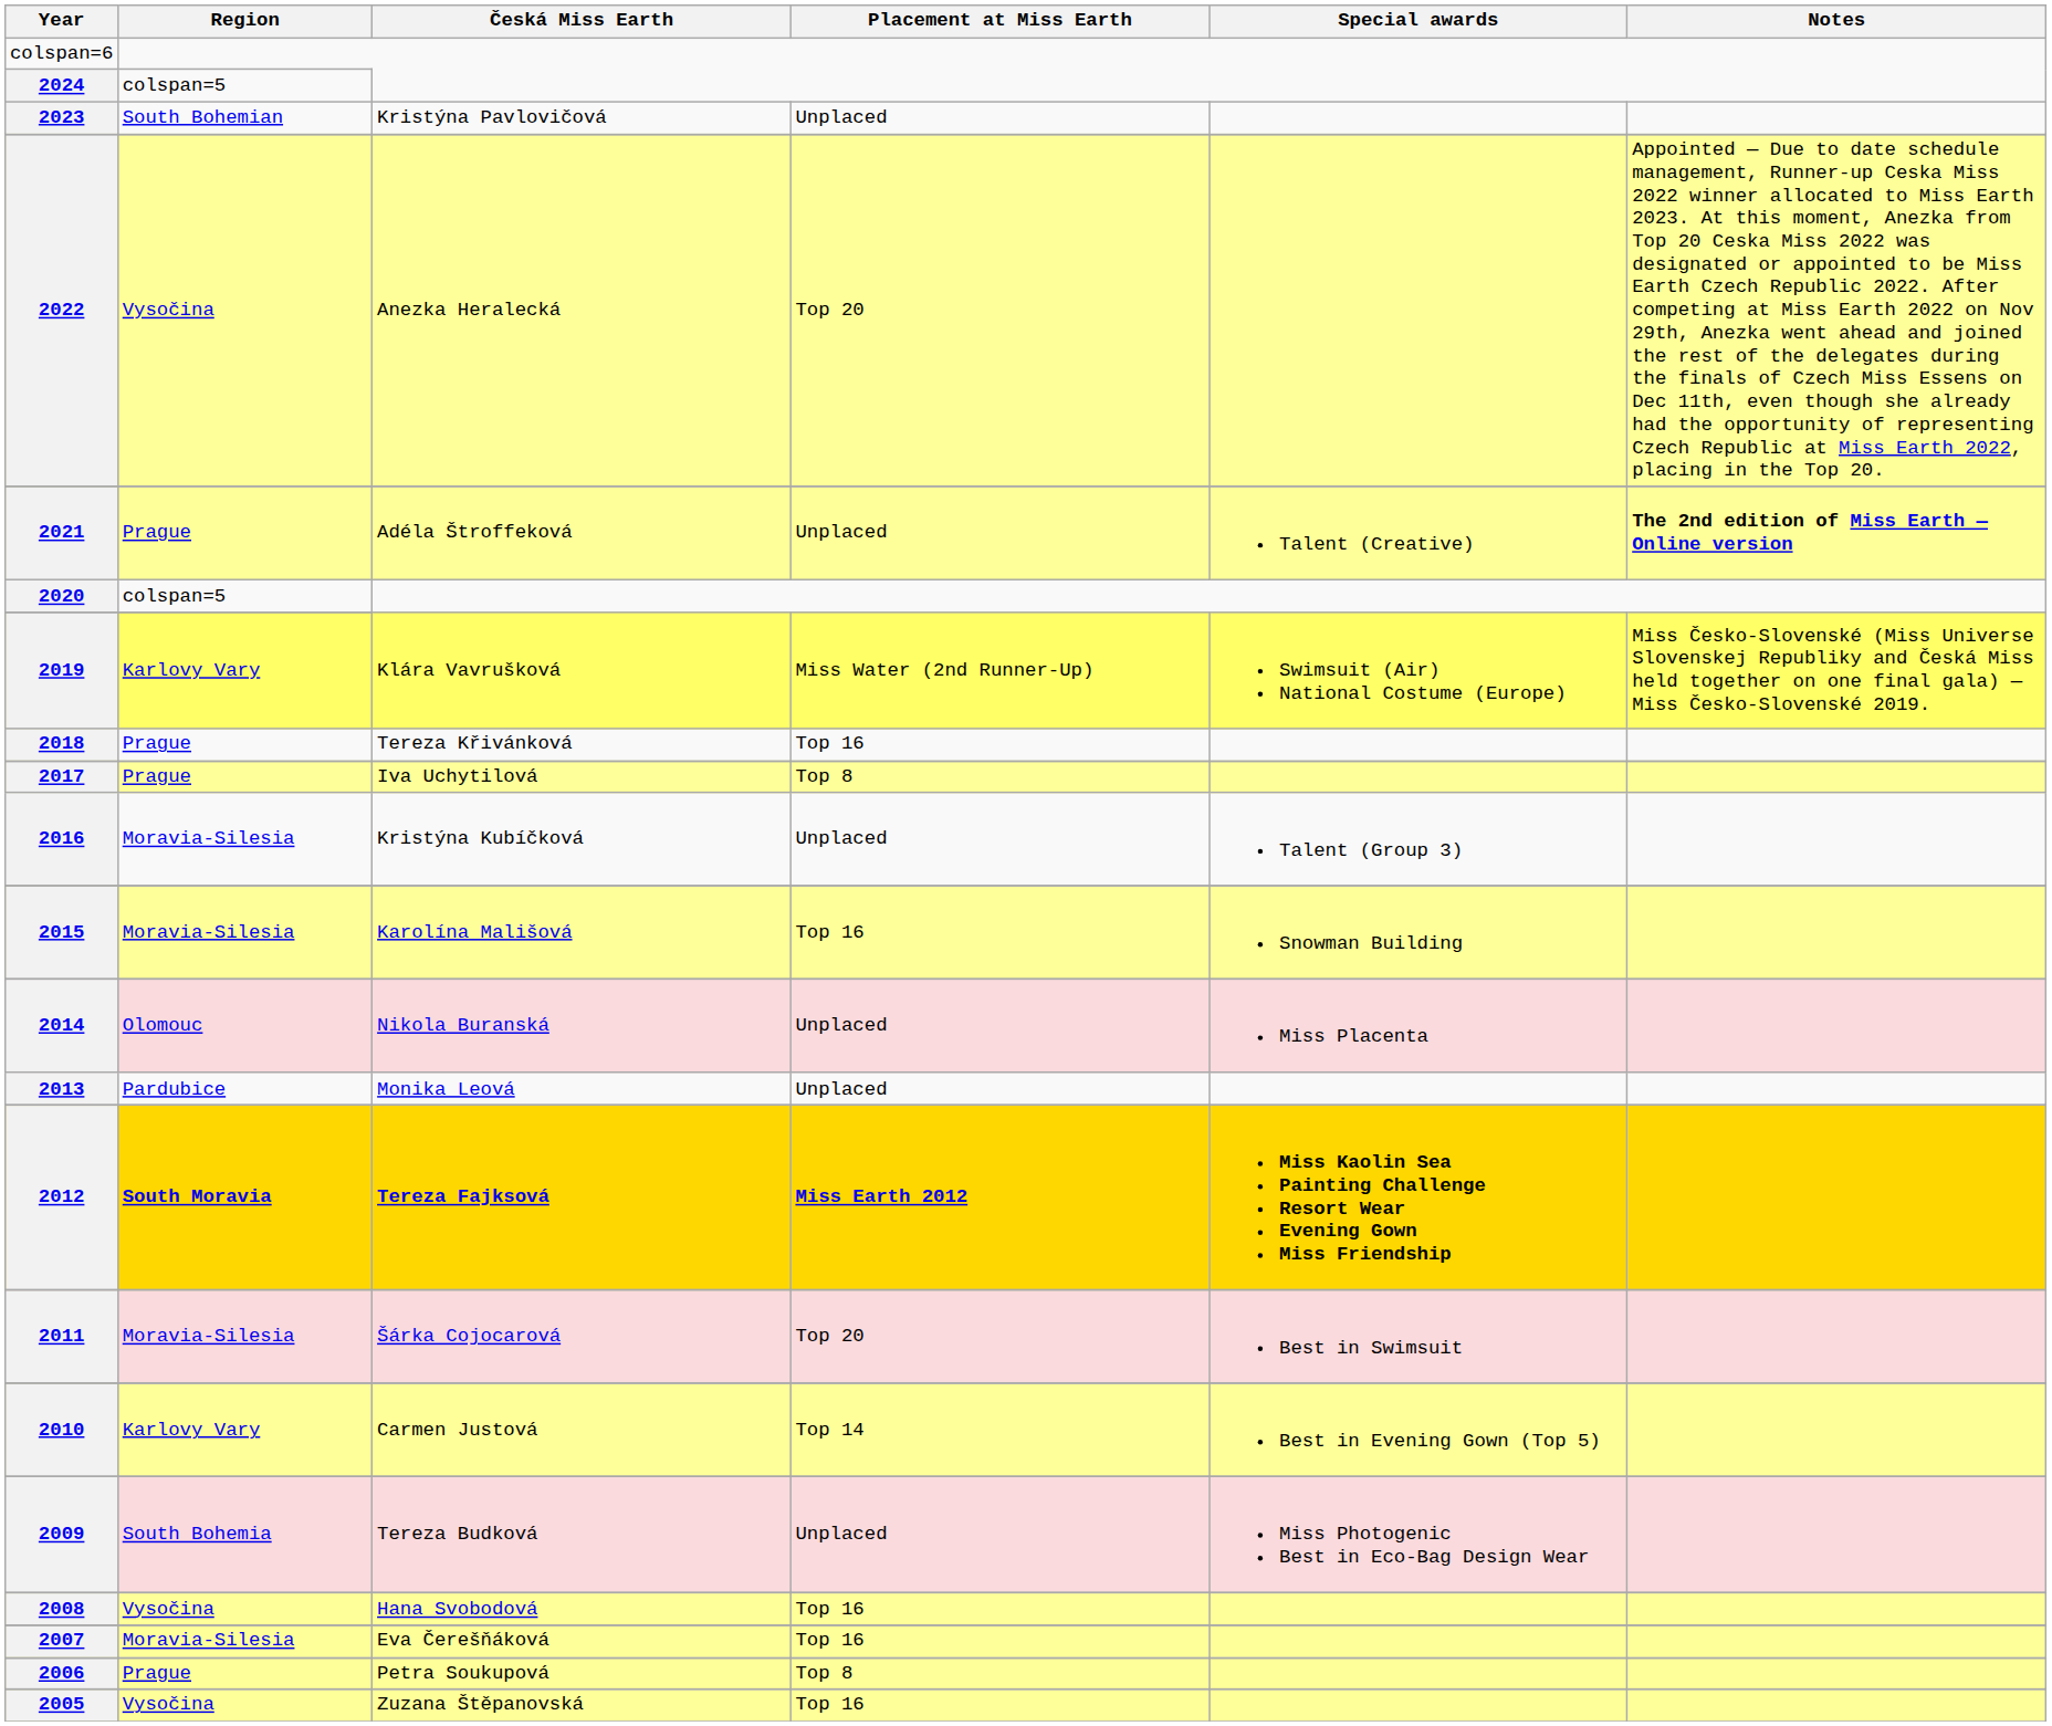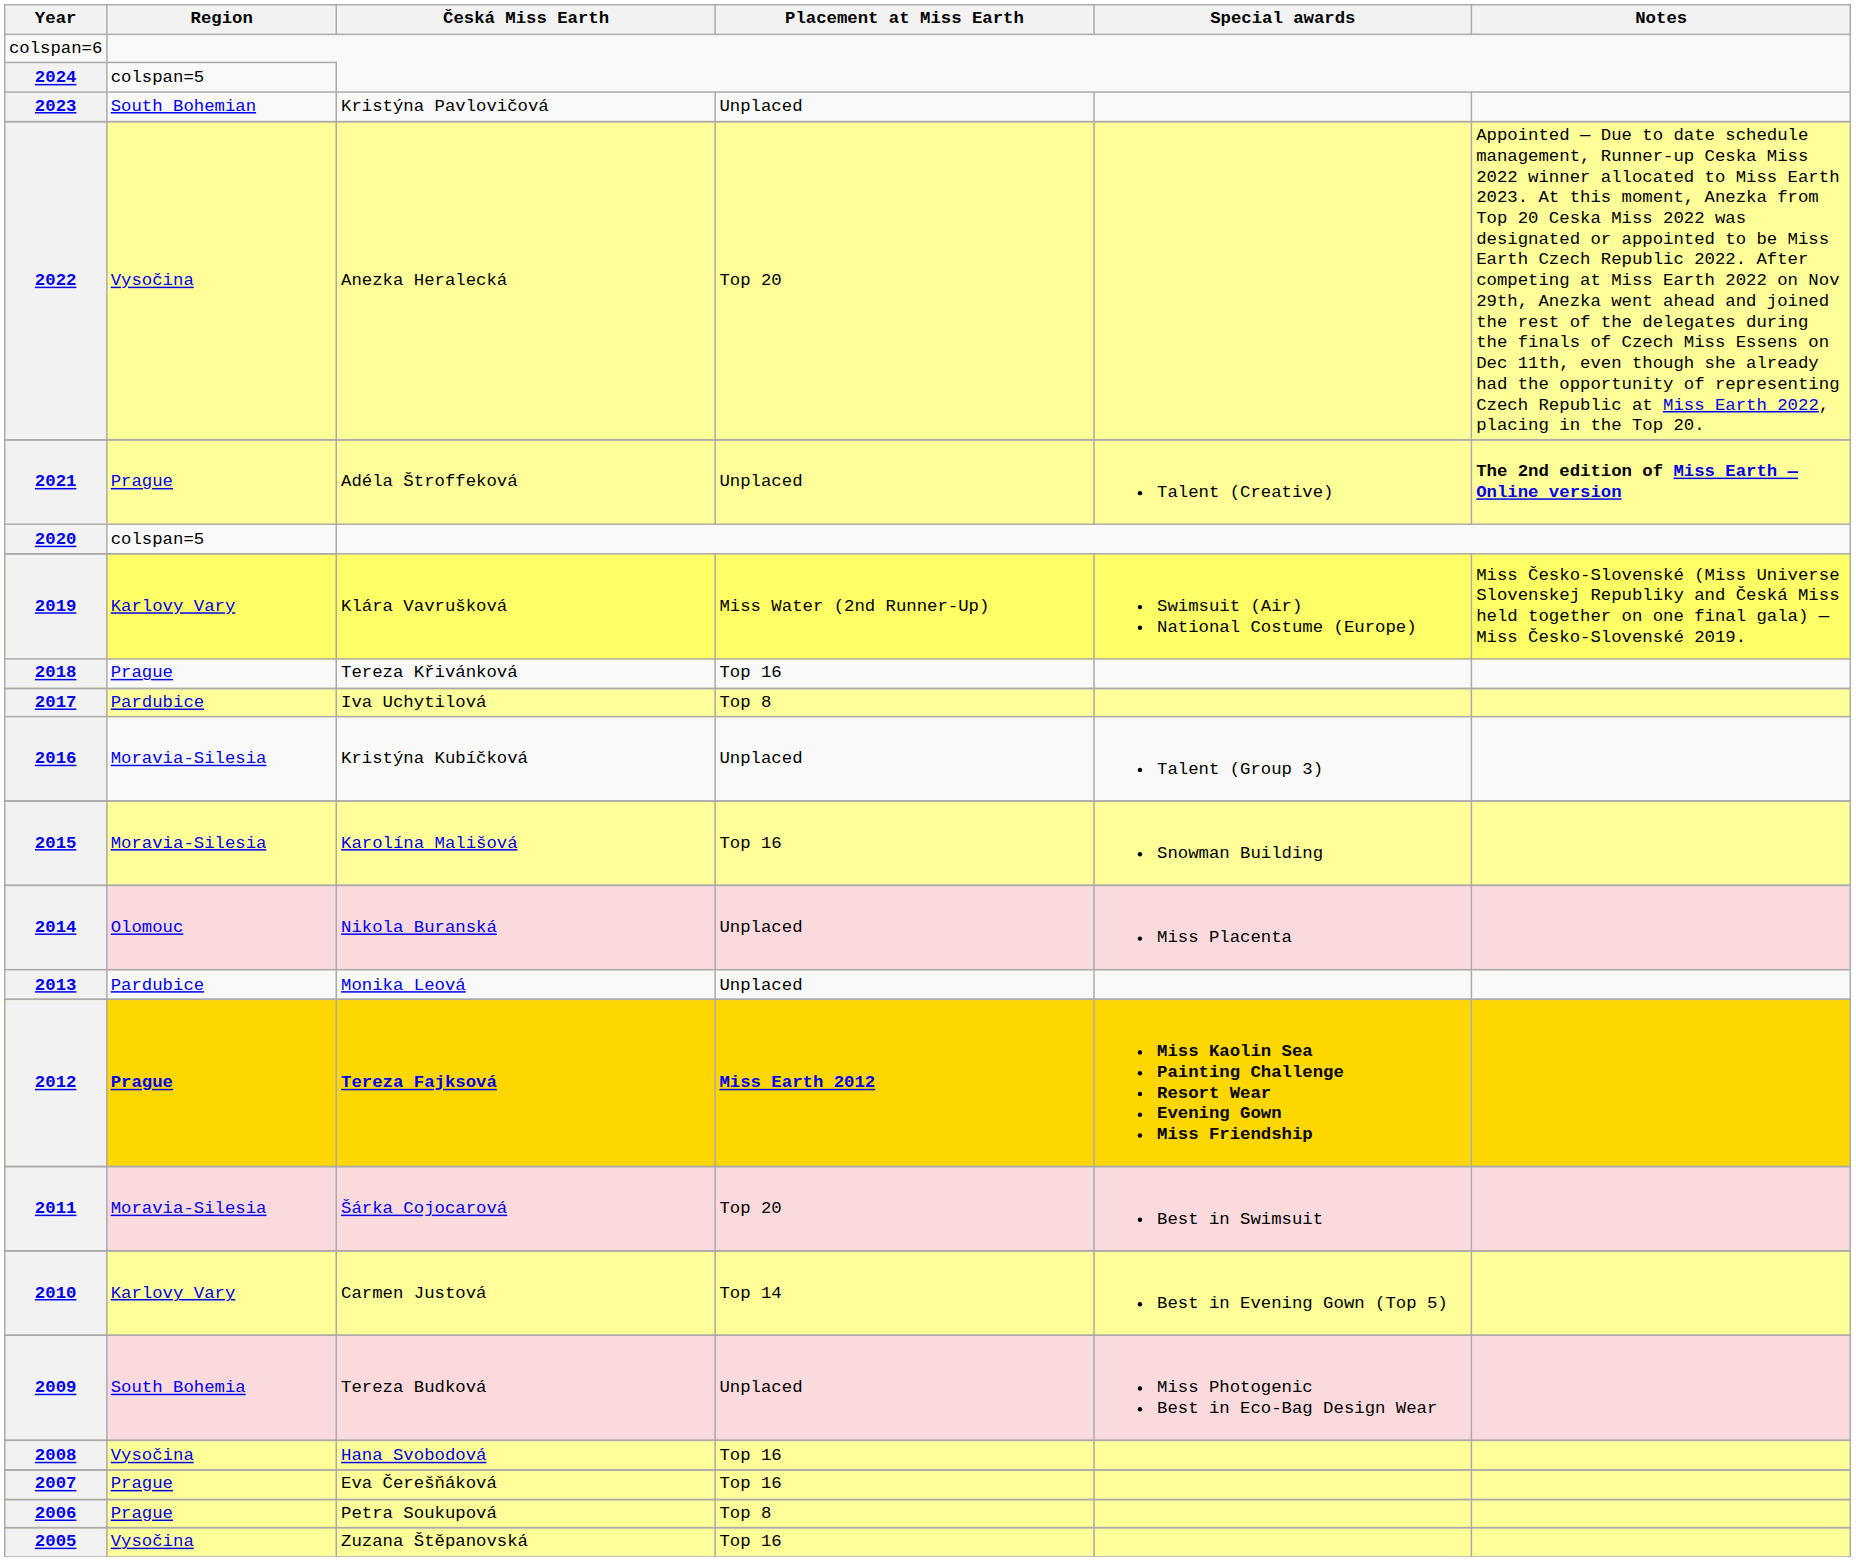 <table class="wikitable " style="font-size: 90%;">
 <tr>
 <th width="60">Year</th>
 <th width="150">Region</th>
 <th width="250">Česká Miss Earth</th>
 <th width="250">Placement at Miss Earth</th>
 <th width="250">Special awards</th>
 <th width="250">Notes</th>
 </tr>
 <tr>
 <td>colspan=6 </td>
 </tr>
 <tr>
 <th><a href='#'>2024</a></th>
 <td>colspan=5 </td>
 </tr>
 <tr>
 <th><a href='#'>2023</a></th>
 <td><a href='#'>South Bohemian</a></td>
 <td>Kristýna Pavlovičová</td>
 <td>Unplaced</td>
 <td></td>
 <td></td>
 </tr>
 <tr>
 </tr>
 <tr style="background-color:#FFFF99;">
 <th><a href='#'>2022</a></th>
 <td><a href='#'>Vysočina</a></td>
 <td>Anezka Heralecká</td>
 <td>Top 20</td>
 <td></td>
 <td>Appointed — Due to date schedule management, Runner-up Ceska Miss 2022 winner allocated to Miss Earth 2023. At this moment, Anezka from Top 20 Ceska Miss 2022 was designated or appointed to be Miss Earth Czech Republic 2022. After competing at Miss Earth 2022 on Nov 29th, Anezka went ahead and joined the rest of the delegates during the finals of Czech Miss Essens on Dec 11th, even though she already had the opportunity of representing Czech Republic at <a href='#'>Miss Earth 2022</a>, placing in the Top 20.</td>
 </tr>
 <tr>
 </tr>
 <tr style="background-color:#FFFF99;">
 <th><a href='#'>2021</a></th>
 <td><a href='#'>Prague</a></td>
 <td>Adéla Štroffeková</td>
 <td>Unplaced</td>
 <td><br><ul><li> Talent (Creative)</li></ul></td>
 <td><strong>The 2nd edition of <a href='#'>Miss Earth ― Online version</a></strong></td>
 </tr>
 <tr>
 <th><a href='#'>2020</a></th>
 <td>colspan=5 </td>
 </tr>
 <tr>
 </tr>
 <tr style="background-color:#FFFF66;">
 <th><a href='#'>2019</a></th>
 <td><a href='#'>Karlovy Vary</a></td>
 <td>Klára Vavrušková</td>
 <td>Miss Water (2nd Runner-Up)</td>
 <td align="left"><br><ul><li> Swimsuit (Air)</li><li> National Costume (Europe)</li></ul></td>
 <td>Miss Česko-Slovenské (Miss Universe Slovenskej Republiky and Česká Miss held together on one final gala) — Miss Česko-Slovenské 2019.</td>
 </tr>
 <tr>
 <th><a href='#'>2018</a></th>
 <td><a href='#'>Prague</a></td>
 <td>Tereza Křivánková</td>
 <td>Top 16</td>
 <td></td>
 <td></td>
 </tr>
 <tr>
 </tr>
 <tr style="background-color:#FFFF99">
 <th><a href='#'>2017</a></th>
-<td><a href='#'>Prague</a></td>
+<td><a href='#'>Pardubice</a></td>
 <td>Iva Uchytilová</td>
 <td>Top 8</td>
 <td></td>
 <td></td>
 </tr>
 <tr>
 <th><a href='#'>2016</a></th>
 <td><a href='#'>Moravia-Silesia</a></td>
 <td>Kristýna Kubíčková</td>
 <td>Unplaced</td>
 <td align="left"><br><ul><li> Talent (Group 3)</li></ul></td>
 <td></td>
 </tr>
 <tr>
 </tr>
 <tr style="background-color:#FFFF99;">
 <th><a href='#'>2015</a></th>
 <td><a href='#'>Moravia-Silesia</a></td>
 <td><a href='#'>Karolína Mališová</a></td>
 <td>Top 16</td>
 <td align="left"><br><ul><li> Snowman Building</li></ul></td>
 <td></td>
 </tr>
 <tr>
 </tr>
 <tr style="background-color:#FADADD;">
 <th><a href='#'>2014</a></th>
 <td><a href='#'>Olomouc</a></td>
 <td><a href='#'>Nikola Buranská</a></td>
 <td>Unplaced</td>
 <td align="left"><br><ul><li>Miss Placenta</li></ul></td>
 <td></td>
 </tr>
 <tr>
 <th><a href='#'>2013</a></th>
 <td><a href='#'>Pardubice</a></td>
 <td><a href='#'>Monika Leová</a></td>
 <td>Unplaced</td>
 <td></td>
 <td></td>
 </tr>
 <tr>
 </tr>
 <tr style="background-color:gold; font-weight: bold">
 <th><a href='#'>2012</a></th>
-<td><a href='#'>South Moravia</a></td>
+<td><a href='#'>Prague</a></td>
 <td><a href='#'>Tereza Fajksová</a></td>
 <td><a href='#'>Miss Earth 2012</a></td>
 <td align="left"><br><ul><li>Miss Kaolin Sea</li><li> Painting Challenge</li><li> Resort Wear</li><li> Evening Gown</li><li> Miss Friendship</li></ul></td>
 <td></td>
 </tr>
 <tr>
 </tr>
 <tr style="background-color:#FADADD;">
 <th><a href='#'>2011</a></th>
 <td><a href='#'>Moravia-Silesia</a></td>
 <td><a href='#'>Šárka Cojocarová</a></td>
 <td>Top 20</td>
 <td align="left"><br><ul><li>Best in Swimsuit</li></ul></td>
 <td></td>
 </tr>
 <tr>
 </tr>
 <tr style="background-color:#FFFF99;">
 <th><a href='#'>2010</a></th>
 <td><a href='#'>Karlovy Vary</a></td>
 <td>Carmen Justová</td>
 <td>Top 14</td>
 <td align="left"><br><ul><li>Best in Evening Gown (Top 5)</li></ul></td>
 <td></td>
 </tr>
 <tr>
 </tr>
 <tr style="background-color:#FADADD;">
 <th><a href='#'>2009</a></th>
 <td><a href='#'>South Bohemia</a></td>
 <td>Tereza Budková</td>
 <td>Unplaced</td>
 <td align="left"><br><ul><li>Miss Photogenic</li><li>Best in Eco-Bag Design Wear</li></ul></td>
 <td></td>
 </tr>
 <tr>
 </tr>
 <tr style="background-color:#FFFF99;">
 <th><a href='#'>2008</a></th>
 <td><a href='#'>Vysočina</a></td>
 <td><a href='#'>Hana Svobodová</a></td>
 <td>Top 16</td>
 <td></td>
 <td></td>
 </tr>
 <tr>
 </tr>
 <tr style="background-color:#FFFF99;">
 <th><a href='#'>2007</a></th>
-<td><a href='#'>Moravia-Silesia</a></td>
+<td><a href='#'>Prague</a></td>
 <td>Eva Čerešňáková</td>
 <td>Top 16</td>
 <td></td>
 <td></td>
 </tr>
 <tr>
 </tr>
 <tr style="background-color:#FFFF99;">
 <th><a href='#'>2006</a></th>
 <td><a href='#'>Prague</a></td>
 <td>Petra Soukupová</td>
 <td>Top 8</td>
 <td></td>
 <td></td>
 </tr>
 <tr>
 </tr>
 <tr style="background-color:#FFFF99;">
 <th><a href='#'>2005</a></th>
 <td><a href='#'>Vysočina</a></td>
 <td>Zuzana Štěpanovská</td>
 <td>Top 16</td>
 <td></td>
 <td></td>
 </tr>
 <tr>
 </tr>
 </table>
